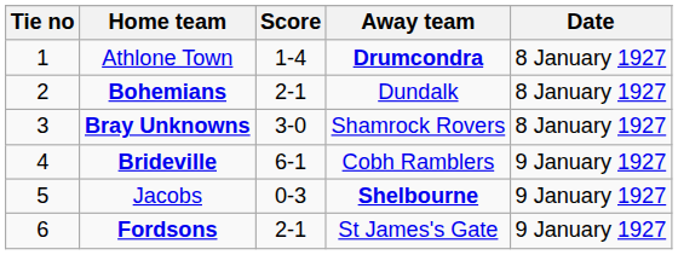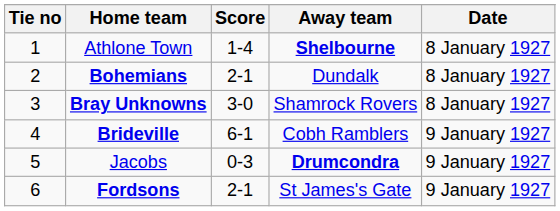 <table class="wikitable" style="text-align: center">
 <tr>
 </tr>
 <tr>
 <th>Tie no</th>
 <th>Home team</th>
 <th>Score</th>
 <th>Away team</th>
 <th>Date</th>
 </tr>
 <tr>
 <td>1</td>
 <td><a href='#'>Athlone Town</a></td>
 <td>1-4</td>
-<td><strong><a href='#'>Drumcondra</a></strong></td>
+<td><strong><a href='#'>Shelbourne</a></strong></td>
 <td>8 January <a href='#'>1927</a></td>
 </tr>
 <tr>
 <td>2</td>
 <td><strong><a href='#'>Bohemians</a></strong></td>
 <td>2-1</td>
 <td><a href='#'>Dundalk</a></td>
 <td>8 January <a href='#'>1927</a></td>
 </tr>
 <tr>
 <td>3</td>
 <td><strong><a href='#'>Bray Unknowns</a></strong></td>
 <td>3-0</td>
 <td><a href='#'>Shamrock Rovers</a></td>
 <td>8 January <a href='#'>1927</a></td>
 </tr>
 <tr>
 <td>4</td>
 <td><strong><a href='#'>Brideville</a></strong></td>
 <td>6-1</td>
 <td><a href='#'>Cobh Ramblers</a></td>
 <td>9 January <a href='#'>1927</a></td>
 </tr>
 <tr>
 <td>5</td>
 <td><a href='#'>Jacobs</a></td>
 <td>0-3</td>
-<td><strong><a href='#'>Shelbourne</a></strong></td>
+<td><strong><a href='#'>Drumcondra</a></strong></td>
 <td>9 January <a href='#'>1927</a></td>
 </tr>
 <tr>
 <td>6</td>
 <td><strong><a href='#'>Fordsons</a></strong></td>
 <td>2-1</td>
 <td><a href='#'>St James's Gate</a></td>
 <td>9 January <a href='#'>1927</a></td>
 </tr>
 </table>
